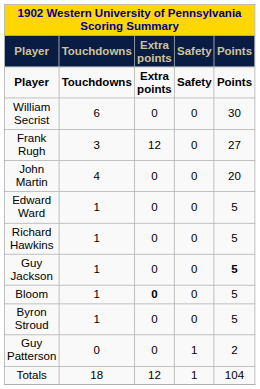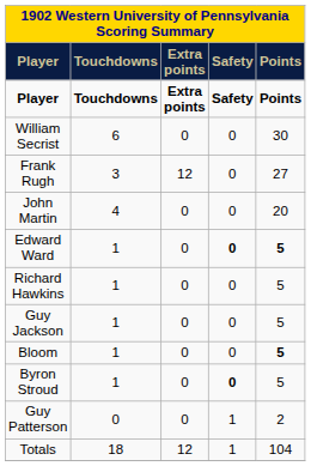 <table class="wikitable" width="30%">
 <tr>
 <th colspan="10" style="background:gold; color:darkblue; text-align: center;"><strong>1902 Western University of Pennsylvania Scoring Summary</strong></th>
 </tr>
 <tr align="center"  style="background:#091C44;color:#CEC499;">
 <td><strong>Player</strong></td>
 <td><strong>Touchdowns</strong></td>
 <td><strong>Extra points</strong></td>
 <td><strong>Safety</strong></td>
 <td><strong>Points</strong></td>
 </tr>
 <tr align="center" bgcolor="">
 <td><strong>Player</strong></td>
 <td><strong>Touchdowns</strong></td>
 <td><strong>Extra points</strong></td>
 <td><strong>Safety</strong></td>
 <td><strong>Points</strong></td>
 </tr>
 <tr align="center" bgcolor="">
 <td>William Secrist</td>
 <td>6</td>
 <td>0</td>
 <td>0</td>
 <td>30</td>
 </tr>
 <tr align="center" bgcolor="">
 <td>Frank Rugh</td>
 <td>3</td>
 <td>12</td>
 <td>0</td>
 <td>27</td>
 </tr>
 <tr align="center" bgcolor="">
 <td>John Martin</td>
 <td>4</td>
 <td>0</td>
 <td>0</td>
 <td>20</td>
 </tr>
 <tr align="center" bgcolor="">
 <td>Edward Ward</td>
 <td>1</td>
 <td>0</td>
-<td>0</td>
-<td>5</td>
+<td><strong>0</strong></td>
+<td><strong>5</strong></td>
 </tr>
 <tr align="center" bgcolor="">
 <td>Richard Hawkins</td>
 <td>1</td>
 <td>0</td>
 <td>0</td>
 <td>5</td>
 </tr>
 <tr align="center" bgcolor="">
 <td>Guy Jackson</td>
 <td>1</td>
 <td>0</td>
 <td>0</td>
-<td><strong>5</strong></td>
+<td>5</td>
 </tr>
 <tr align="center" bgcolor="">
 <td>Bloom</td>
 <td>1</td>
-<td><strong>0</strong></td>
 <td>0</td>
-<td>5</td>
+<td>0</td>
+<td><strong>5</strong></td>
 </tr>
 <tr align="center" bgcolor="">
 <td>Byron Stroud</td>
 <td>1</td>
 <td>0</td>
-<td>0</td>
+<td><strong>0</strong></td>
 <td>5</td>
 </tr>
 <tr align="center" bgcolor="">
 <td>Guy Patterson</td>
 <td>0</td>
 <td>0</td>
 <td>1</td>
 <td>2</td>
 </tr>
 <tr align="center" bgcolor="">
 <td>Totals</td>
 <td>18</td>
 <td>12</td>
 <td>1</td>
 <td>104</td>
 </tr>
 <tr align="center" bgcolor="">
 </tr>
 </table>
